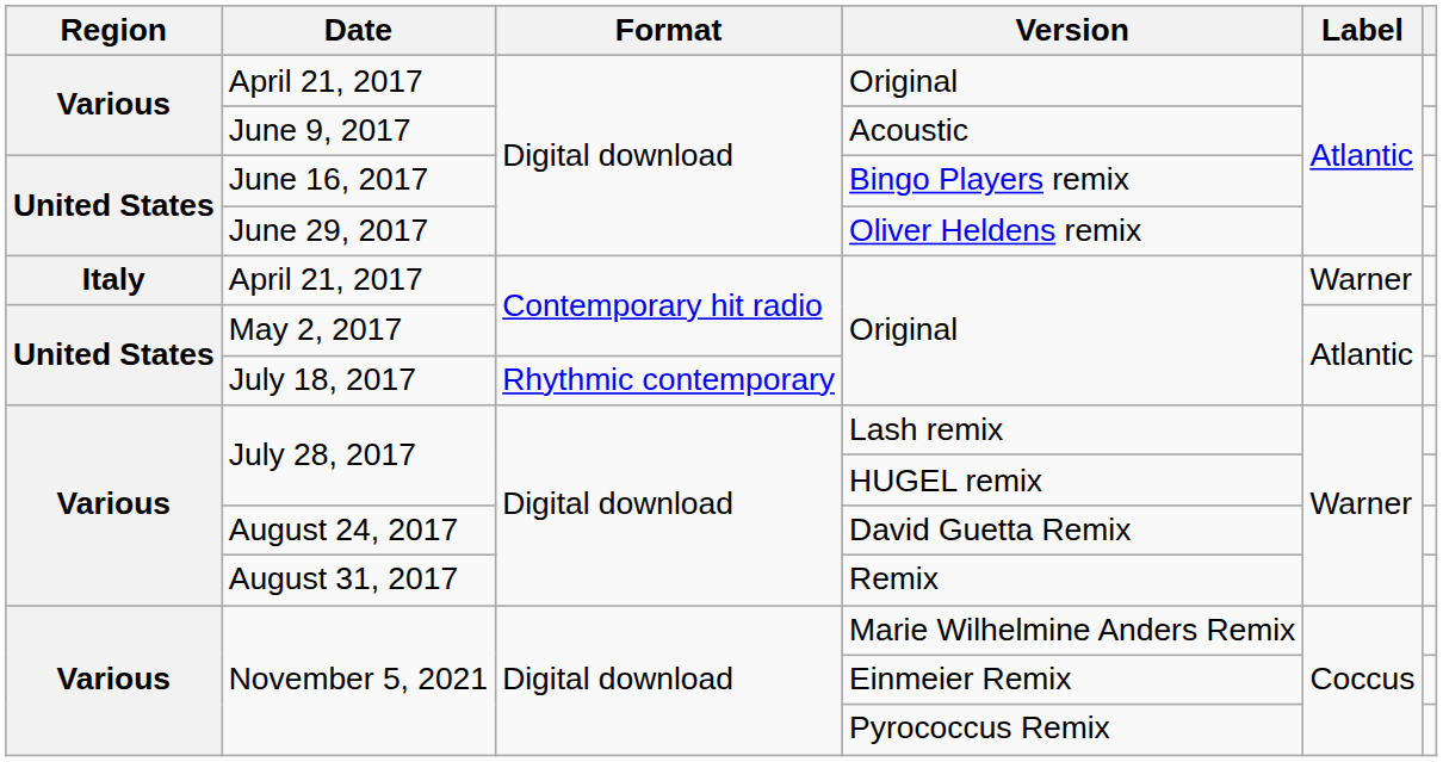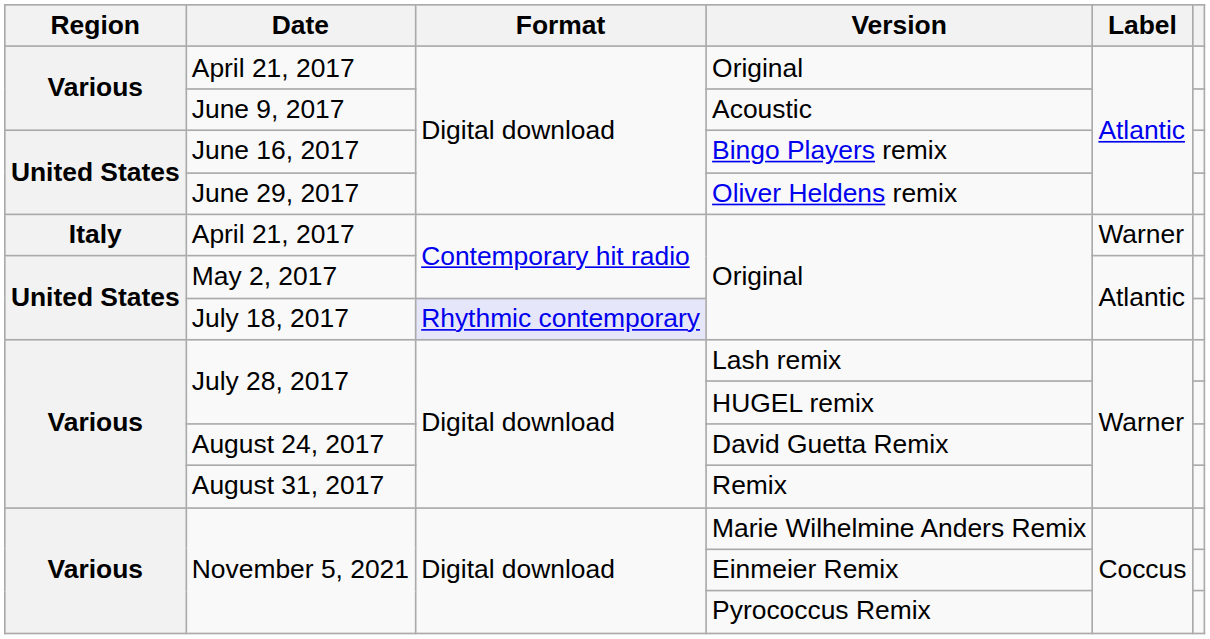 <table class="wikitable plainrowheaders">
 <tr>
 <th scope="col">Region</th>
 <th scope="col">Date</th>
 <th scope="col">Format</th>
 <th scope="col">Version</th>
 <th scope="col">Label</th>
 <th scope="col"></th>
 </tr>
 <tr>
 <th scope="row" rowspan="2">Various</th>
 <td>April 21, 2017</td>
 <td rowspan="4">Digital download</td>
 <td>Original</td>
 <td rowspan="4"><a href='#'>Atlantic</a></td>
 <td></td>
 </tr>
 <tr>
 <td>June 9, 2017</td>
 <td>Acoustic</td>
 <td></td>
 </tr>
 <tr>
 <th scope="row" rowspan="2">United States</th>
 <td>June 16, 2017</td>
 <td><a href='#'>Bingo Players</a> remix</td>
 <td></td>
 </tr>
 <tr>
 <td>June 29, 2017</td>
 <td><a href='#'>Oliver Heldens</a> remix</td>
 <td></td>
 </tr>
 <tr>
 <th scope="row">Italy</th>
 <td>April 21, 2017</td>
 <td rowspan="2"><a href='#'>Contemporary hit radio</a></td>
 <td rowspan="3">Original</td>
 <td>Warner</td>
 <td></td>
 </tr>
 <tr>
 <th scope="row" rowspan="2">United States</th>
 <td>May 2, 2017</td>
 <td rowspan="2">Atlantic</td>
 <td></td>
 </tr>
 <tr>
 <td>July 18, 2017</td>
-<td><a href='#'>Rhythmic contemporary</a></td>
+<td style="background: lavender;"><a href='#'>Rhythmic contemporary</a></td>
 <td></td>
 </tr>
 <tr>
 <th scope="row" rowspan="4">Various</th>
 <td rowspan="2">July 28, 2017</td>
 <td rowspan="4">Digital download</td>
 <td>Lash remix</td>
 <td rowspan="4">Warner</td>
 <td></td>
 </tr>
 <tr>
 <td>HUGEL remix</td>
 <td></td>
 </tr>
 <tr>
 <td>August 24, 2017</td>
 <td>David Guetta Remix</td>
 <td></td>
 </tr>
 <tr>
 <td>August 31, 2017</td>
 <td>Remix</td>
 <td></td>
 </tr>
 <tr>
 <th scope="row" rowspan="3">Various</th>
 <td rowspan="3">November 5, 2021</td>
 <td rowspan="3">Digital download</td>
 <td>Marie Wilhelmine Anders Remix</td>
 <td rowspan="3">Coccus</td>
 <td></td>
 </tr>
 <tr>
 <td>Einmeier Remix</td>
 <td></td>
 </tr>
 <tr>
 <td>Pyrococcus Remix</td>
 <td></td>
 </tr>
 </table>
